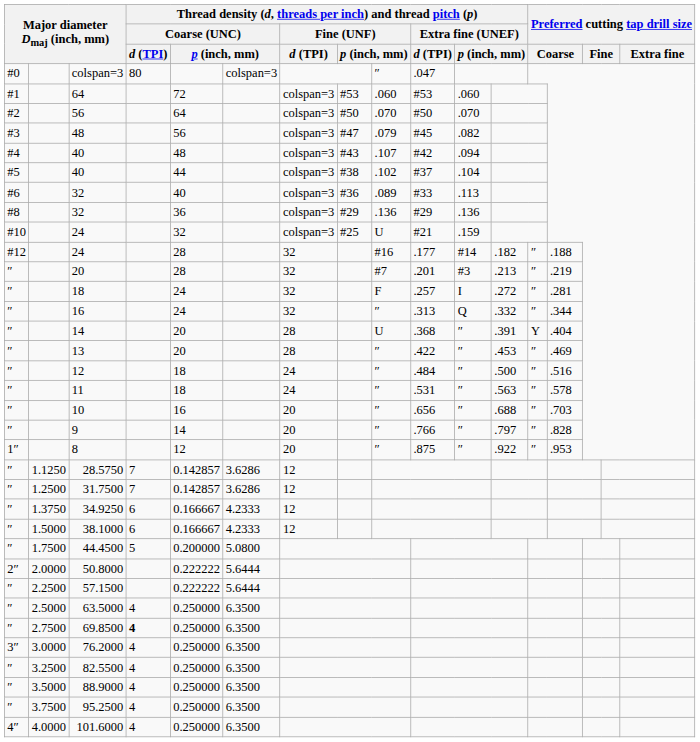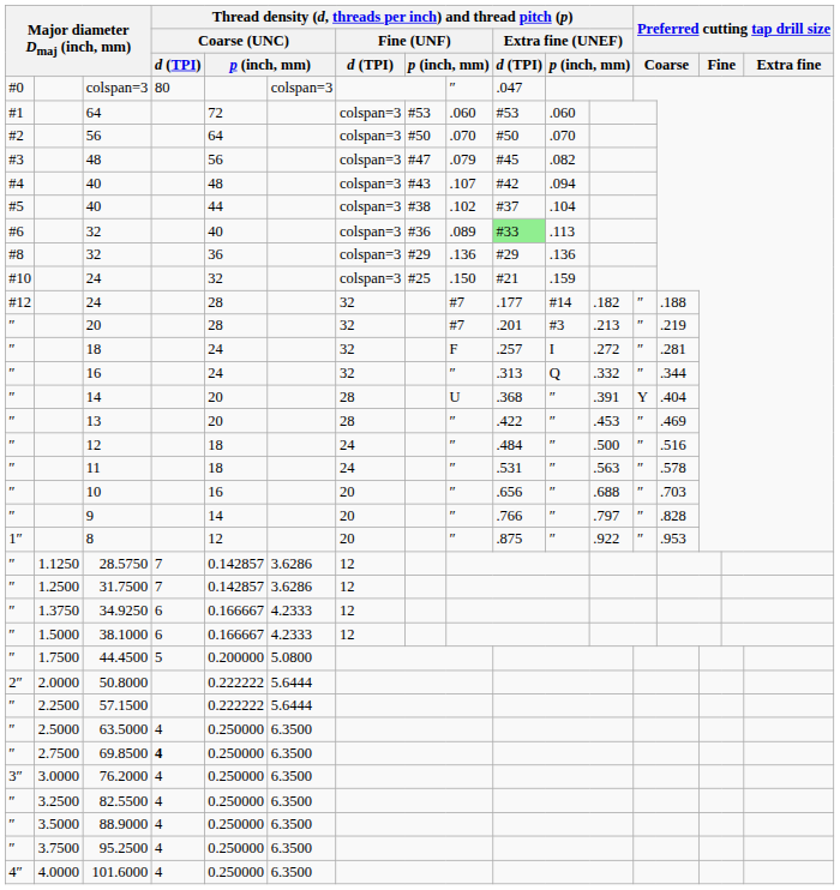 <table class="wikitable">
 <tr>
 <th colspan=3 rowspan=3>Major diameter<br><em>D</em><sub>maj</sub> (inch, mm)</th>
 <th colspan=9>Thread density (<em>d</em>, <a href='#'>threads per inch</a>) and thread <a href='#'>pitch</a> (<em>p</em>)</th>
 <th colspan=6 rowspan=2><a href='#'>Preferred</a> cutting <a href='#'>tap drill size</a></th>
 </tr>
 <tr>
 <th colspan=3>Coarse (UNC)</th>
 <th colspan=3>Fine (UNF)</th>
 <th colspan=3>Extra fine (UNEF)</th>
 </tr>
 <tr>
 <th><em>d</em> (<a href='#'>TPI</a>)</th>
 <th colspan=2><em><a href='#'>p</a></em> (inch, mm)</th>
 <th><em>d</em> (TPI)</th>
 <th colspan=2><em>p</em> (inch, mm)</th>
 <th><em>d</em> (TPI)</th>
 <th colspan=2><em>p</em> (inch, mm)</th>
 <th colspan=2>Coarse</th>
 <th colspan=2>Fine</th>
 <th colspan=2>Extra fine</th>
 </tr>
 <tr>
 <td>#0</td>
 <td></td>
 <td>colspan=3 </td>
 <td>80</td>
 <td></td>
 <td>colspan=3 </td>
 <td colspan=2></td>
 <td>″</td>
 <td>.047</td>
 <td colspan=2></td>
 </tr>
 <tr>
 <td>#1</td>
 <td></td>
 <td>64</td>
 <td></td>
 <td>72</td>
 <td></td>
 <td>colspan=3 </td>
 <td>#53</td>
 <td>.060</td>
 <td>#53</td>
 <td>.060</td>
 <td colspan=2></td>
 </tr>
 <tr>
 <td>#2</td>
 <td></td>
 <td>56</td>
 <td></td>
 <td>64</td>
 <td></td>
 <td>colspan=3 </td>
 <td>#50</td>
 <td>.070</td>
 <td>#50</td>
 <td>.070</td>
 <td colspan=2></td>
 </tr>
 <tr>
 <td>#3</td>
 <td></td>
 <td>48</td>
 <td></td>
 <td>56</td>
 <td></td>
 <td>colspan=3 </td>
 <td>#47</td>
 <td>.079</td>
 <td>#45</td>
 <td>.082</td>
 <td colspan=2></td>
 </tr>
 <tr>
 <td>#4</td>
 <td></td>
 <td>40</td>
 <td></td>
 <td>48</td>
 <td></td>
 <td>colspan=3 </td>
 <td>#43</td>
 <td>.107</td>
 <td>#42</td>
 <td>.094</td>
 <td colspan=2></td>
 </tr>
 <tr>
 <td>#5</td>
 <td></td>
 <td>40</td>
 <td></td>
 <td>44</td>
 <td></td>
 <td>colspan=3 </td>
 <td>#38</td>
 <td>.102</td>
 <td>#37</td>
 <td>.104</td>
 <td colspan=2></td>
 </tr>
 <tr>
 <td>#6</td>
 <td></td>
 <td>32</td>
 <td></td>
 <td>40</td>
 <td></td>
 <td>colspan=3 </td>
 <td>#36</td>
 <td>.089</td>
-<td>#33</td>
+<td style="background: lightgreen;">#33</td>
 <td>.113</td>
 <td colspan=2></td>
 </tr>
 <tr>
 <td>#8</td>
 <td></td>
 <td>32</td>
 <td></td>
 <td>36</td>
 <td></td>
 <td>colspan=3 </td>
 <td>#29</td>
 <td>.136</td>
 <td>#29</td>
 <td>.136</td>
 <td colspan=2></td>
 </tr>
 <tr>
 <td>#10</td>
 <td></td>
 <td>24</td>
 <td></td>
 <td>32</td>
 <td></td>
 <td>colspan=3 </td>
 <td>#25</td>
-<td>U</td>
+<td>.150</td>
 <td>#21</td>
 <td>.159</td>
 <td colspan=2></td>
 </tr>
 <tr>
 <td>#12</td>
 <td></td>
 <td>24</td>
 <td></td>
 <td>28</td>
 <td></td>
 <td>32</td>
 <td></td>
-<td>#16</td>
+<td>#7</td>
 <td>.177</td>
 <td>#14</td>
 <td>.182</td>
 <td>″</td>
 <td>.188</td>
 </tr>
 <tr>
 <td>″</td>
 <td></td>
 <td>20</td>
 <td></td>
 <td>28</td>
 <td></td>
 <td>32</td>
 <td></td>
 <td>#7</td>
 <td>.201</td>
 <td>#3</td>
 <td>.213</td>
 <td>″</td>
 <td>.219</td>
 </tr>
 <tr>
 <td>″</td>
 <td></td>
 <td>18</td>
 <td></td>
 <td>24</td>
 <td></td>
 <td>32</td>
 <td></td>
 <td>F</td>
 <td>.257</td>
 <td>I</td>
 <td>.272</td>
 <td>″</td>
 <td>.281</td>
 </tr>
 <tr>
 <td>″</td>
 <td></td>
 <td>16</td>
 <td></td>
 <td>24</td>
 <td></td>
 <td>32</td>
 <td></td>
 <td>″</td>
 <td>.313</td>
 <td>Q</td>
 <td>.332</td>
 <td>″</td>
 <td>.344</td>
 </tr>
 <tr>
 <td>″</td>
 <td></td>
 <td>14</td>
 <td></td>
 <td>20</td>
 <td></td>
 <td>28</td>
 <td></td>
 <td>U</td>
 <td>.368</td>
 <td>″</td>
 <td>.391</td>
 <td>Y</td>
 <td>.404</td>
 </tr>
 <tr>
 <td>″</td>
 <td></td>
 <td>13</td>
 <td></td>
 <td>20</td>
 <td></td>
 <td>28</td>
 <td></td>
 <td>″</td>
 <td>.422</td>
 <td>″</td>
 <td>.453</td>
 <td>″</td>
 <td>.469</td>
 </tr>
 <tr>
 <td>″</td>
 <td></td>
 <td>12</td>
 <td></td>
 <td>18</td>
 <td></td>
 <td>24</td>
 <td></td>
 <td>″</td>
 <td>.484</td>
 <td>″</td>
 <td>.500</td>
 <td>″</td>
 <td>.516</td>
 </tr>
 <tr>
 <td>″</td>
 <td></td>
 <td>11</td>
 <td></td>
 <td>18</td>
 <td></td>
 <td>24</td>
 <td></td>
 <td>″</td>
 <td>.531</td>
 <td>″</td>
 <td>.563</td>
 <td>″</td>
 <td>.578</td>
 </tr>
 <tr>
 <td>″</td>
 <td></td>
 <td>10</td>
 <td></td>
 <td>16</td>
 <td></td>
 <td>20</td>
 <td></td>
 <td>″</td>
 <td>.656</td>
 <td>″</td>
 <td>.688</td>
 <td>″</td>
 <td>.703</td>
 </tr>
 <tr>
 <td>″</td>
 <td></td>
 <td>9</td>
 <td></td>
 <td>14</td>
 <td></td>
 <td>20</td>
 <td></td>
 <td>″</td>
 <td>.766</td>
 <td>″</td>
 <td>.797</td>
 <td>″</td>
 <td>.828</td>
 </tr>
 <tr>
 <td>1″</td>
 <td></td>
 <td>8</td>
 <td></td>
 <td>12</td>
 <td></td>
 <td>20</td>
 <td></td>
 <td>″</td>
 <td>.875</td>
 <td>″</td>
 <td>.922</td>
 <td>″</td>
 <td>.953</td>
 </tr>
 <tr>
 <td>″</td>
 <td>1.1250</td>
 <td style="text-align:right;">28.5750</td>
 <td>7</td>
 <td>0.142857</td>
 <td>3.6286</td>
 <td>12</td>
 <td></td>
 <td colspan=3></td>
 <td colspan=2></td>
 <td colspan=2></td>
 <td colspan=2></td>
 </tr>
 <tr>
 <td>″</td>
 <td>1.2500</td>
 <td style="text-align:right;">31.7500</td>
 <td>7</td>
 <td>0.142857</td>
 <td>3.6286</td>
 <td>12</td>
 <td></td>
 <td colspan=3></td>
 <td colspan=2></td>
 <td colspan=2></td>
 <td colspan=2></td>
 </tr>
 <tr>
 <td>″</td>
 <td>1.3750</td>
 <td style="text-align:right;">34.9250</td>
 <td>6</td>
 <td>0.166667</td>
 <td>4.2333</td>
 <td>12</td>
 <td></td>
 <td colspan=3></td>
 <td colspan=2></td>
 <td colspan=2></td>
 <td colspan=2></td>
 </tr>
 <tr>
 <td>″</td>
 <td>1.5000</td>
 <td style="text-align:right;">38.1000</td>
 <td>6</td>
 <td>0.166667</td>
 <td>4.2333</td>
 <td>12</td>
 <td></td>
 <td colspan=3></td>
 <td colspan=2></td>
 <td colspan=2></td>
 <td colspan=2></td>
 </tr>
 <tr>
 <td>″</td>
 <td>1.7500</td>
 <td style="text-align:right;">44.4500</td>
 <td>5</td>
 <td>0.200000</td>
 <td>5.0800</td>
 <td colspan=3></td>
 <td colspan=3></td>
 <td colspan=2></td>
 <td colspan=2></td>
 <td colspan=2></td>
 </tr>
 <tr>
 <td>2″</td>
 <td>2.0000</td>
 <td style="text-align:right;">50.8000</td>
 <td></td>
 <td>0.222222</td>
 <td>5.6444</td>
 <td colspan=3></td>
 <td colspan=3></td>
 <td colspan=2></td>
 <td colspan=2></td>
 <td colspan=2></td>
 </tr>
 <tr>
 <td>″</td>
 <td>2.2500</td>
 <td style="text-align:right;">57.1500</td>
 <td></td>
 <td>0.222222</td>
 <td>5.6444</td>
 <td colspan=3></td>
 <td colspan=3></td>
 <td colspan=2></td>
 <td colspan=2></td>
 <td colspan=2></td>
 </tr>
 <tr>
 <td>″</td>
 <td>2.5000</td>
 <td style="text-align:right;">63.5000</td>
 <td>4</td>
 <td>0.250000</td>
 <td>6.3500</td>
 <td colspan=3></td>
 <td colspan=3></td>
 <td colspan=2></td>
 <td colspan=2></td>
 <td colspan=2></td>
 </tr>
 <tr>
 <td>″</td>
 <td>2.7500</td>
 <td style="text-align:right;">69.8500</td>
 <td><strong>4</strong></td>
 <td>0.250000</td>
 <td>6.3500</td>
 <td colspan=3></td>
 <td colspan=3></td>
 <td colspan=2></td>
 <td colspan=2></td>
 <td colspan=2></td>
 </tr>
 <tr>
 <td>3″</td>
 <td>3.0000</td>
 <td style="text-align:right;">76.2000</td>
 <td>4</td>
 <td>0.250000</td>
 <td>6.3500</td>
 <td colspan=3></td>
 <td colspan=3></td>
 <td colspan=2></td>
 <td colspan=2></td>
 <td colspan=2></td>
 </tr>
 <tr>
 <td>″</td>
 <td>3.2500</td>
 <td style="text-align:right;">82.5500</td>
 <td>4</td>
 <td>0.250000</td>
 <td>6.3500</td>
 <td colspan=3></td>
 <td colspan=3></td>
 <td colspan=2></td>
 <td colspan=2></td>
 <td colspan=2></td>
 </tr>
 <tr>
 <td>″</td>
 <td>3.5000</td>
 <td style="text-align:right;">88.9000</td>
 <td>4</td>
 <td>0.250000</td>
 <td>6.3500</td>
 <td colspan=3></td>
 <td colspan=3></td>
 <td colspan=2></td>
 <td colspan=2></td>
 <td colspan=2></td>
 </tr>
 <tr>
 <td>″</td>
 <td>3.7500</td>
 <td style="text-align:right;">95.2500</td>
 <td>4</td>
 <td>0.250000</td>
 <td>6.3500</td>
 <td colspan=3></td>
 <td colspan=3></td>
 <td colspan=2></td>
 <td colspan=2></td>
 <td colspan=2></td>
 </tr>
 <tr>
 <td>4″</td>
 <td>4.0000</td>
 <td style="text-align:right;">101.6000</td>
 <td>4</td>
 <td>0.250000</td>
 <td>6.3500</td>
 <td colspan=3></td>
 <td colspan=3></td>
 <td colspan=2></td>
 <td colspan=2></td>
 <td colspan=2></td>
 </tr>
 </table>
